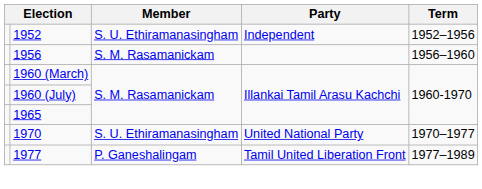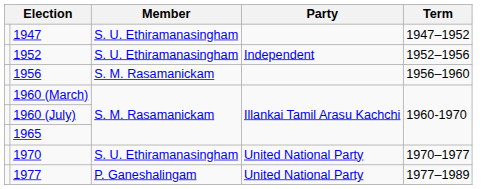 <table class="wikitable">
 <tr>
 <th colspan="2">Election</th>
 <th>Member</th>
 <th>Party</th>
 <th>Term</th>
+</tr>
+<tr>
+<td style="background-color: "></td>
+<td><a href='#'>1947</a></td>
+<td><a href='#'>S. U. Ethiramanasingham</a></td>
+<td></td>
+<td>1947–1952</td>
 </tr>
 <tr>
 <td style="background-color: "></td>
 <td><a href='#'>1952</a></td>
 <td><a href='#'>S. U. Ethiramanasingham</a></td>
 <td><a href='#'>Independent</a></td>
 <td>1952–1956</td>
 </tr>
 <tr>
 <td style="background-color: "></td>
 <td><a href='#'>1956</a></td>
 <td><a href='#'>S. M. Rasamanickam</a></td>
 <td></td>
 <td>1956–1960</td>
 </tr>
 <tr>
 <td style="background-color: "></td>
 <td><a href='#'>1960 (March)</a></td>
 <td rowspan ="3"><a href='#'>S. M. Rasamanickam</a></td>
 <td rowspan ="3"><a href='#'>Illankai Tamil Arasu Kachchi</a></td>
 <td rowspan ="3">1960-1970</td>
 </tr>
 <tr>
 <td style="background-color: "></td>
 <td><a href='#'>1960 (July)</a></td>
 </tr>
 <tr>
 <td style="background-color: "></td>
 <td><a href='#'>1965</a></td>
 </tr>
 <tr>
 <td style="background-color: "></td>
 <td><a href='#'>1970</a></td>
 <td><a href='#'>S. U. Ethiramanasingham</a></td>
 <td><a href='#'>United National Party</a></td>
 <td>1970–1977</td>
 </tr>
 <tr>
 <td style="background-color: "></td>
 <td><a href='#'>1977</a></td>
 <td><a href='#'>P. Ganeshalingam</a></td>
-<td><a href='#'>Tamil United Liberation Front</a></td>
+<td><a href='#'>United National Party</a></td>
 <td>1977–1989</td>
 </tr>
 </table>
